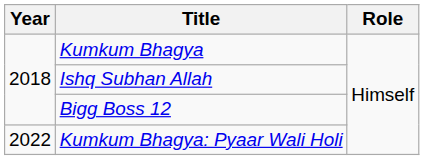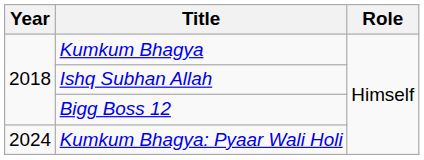 <table class="wikitable">
 <tr>
 <th>Year</th>
 <th>Title</th>
 <th>Role</th>
 </tr>
 <tr>
 <td rowspan="3">2018</td>
 <td><em><a href='#'>Kumkum Bhagya</a></em></td>
 <td rowspan="4">Himself</td>
 </tr>
 <tr>
 <td><em><a href='#'>Ishq Subhan Allah</a></em></td>
 </tr>
 <tr>
 <td><em><a href='#'>Bigg Boss 12</a></em></td>
 </tr>
 <tr>
-<td>2022</td>
+<td>2024</td>
 <td><em><a href='#'>Kumkum Bhagya: Pyaar Wali Holi</a></em></td>
 </tr>
 </table>
